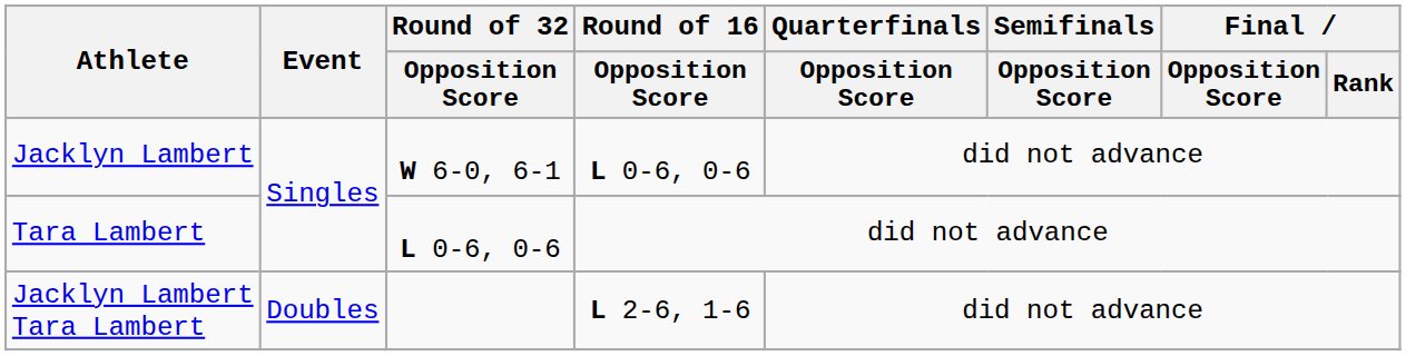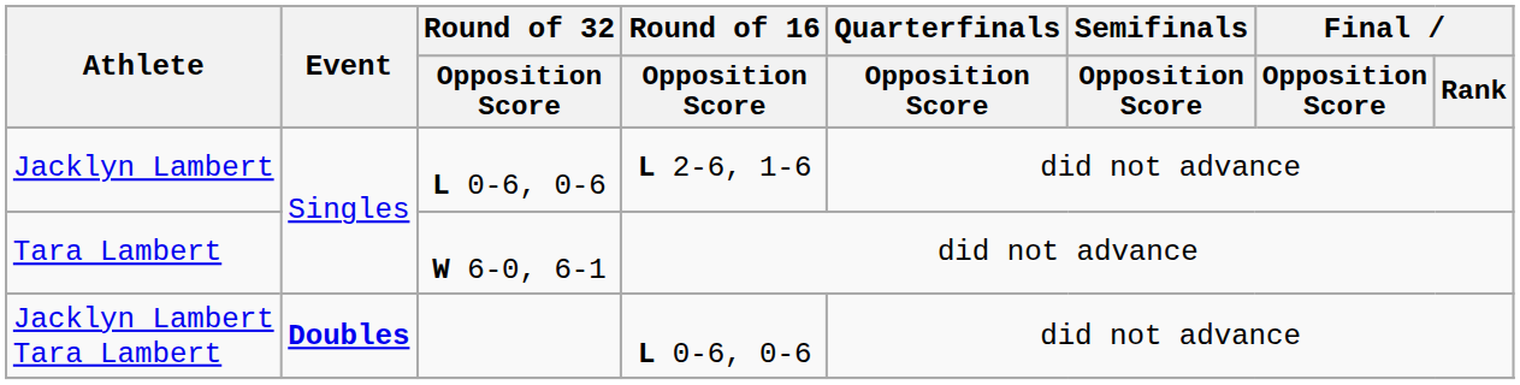 <table class=wikitable style="font-size:90%">
 <tr>
 <th rowspan=2>Athlete</th>
 <th rowspan=2>Event</th>
 <th>Round of 32</th>
 <th>Round of 16</th>
 <th>Quarterfinals</th>
 <th>Semifinals</th>
 <th colspan=2>Final / </th>
 </tr>
 <tr style="font-size:95%">
 <th>Opposition<br>Score</th>
 <th>Opposition<br>Score</th>
 <th>Opposition<br>Score</th>
 <th>Opposition<br>Score</th>
 <th>Opposition<br>Score</th>
 <th>Rank</th>
 </tr>
 <tr align=center>
 <td align=left><a href='#'>Jacklyn Lambert</a></td>
 <td align=left rowspan=2><a href='#'>Singles</a></td>
-<td><br> <strong>W</strong> 6-0, 6-1</td>
-<td><br> <strong>L</strong> 0-6, 0-6</td>
+<td><br><strong>L</strong> 0-6, 0-6</td>
+<td> <strong>L</strong> 2-6, 1-6</td>
 <td colspan=4>did not advance</td>
 </tr>
 <tr align=center>
 <td align=left><a href='#'>Tara Lambert</a></td>
-<td><br><strong>L</strong> 0-6, 0-6</td>
+<td><br> <strong>W</strong> 6-0, 6-1</td>
 <td colspan=5>did not advance</td>
 </tr>
 <tr align=center>
 <td align=left><a href='#'>Jacklyn Lambert</a><br><a href='#'>Tara Lambert</a></td>
-<td align=left rowspan=1><a href='#'>Doubles</a></td>
+<td align=left rowspan=1><strong><a href='#'>Doubles</a></strong></td>
 <td></td>
-<td> <strong>L</strong> 2-6, 1-6</td>
+<td><br> <strong>L</strong> 0-6, 0-6</td>
 <td colspan=4>did not advance</td>
 </tr>
 <tr>
 </tr>
 </table>
